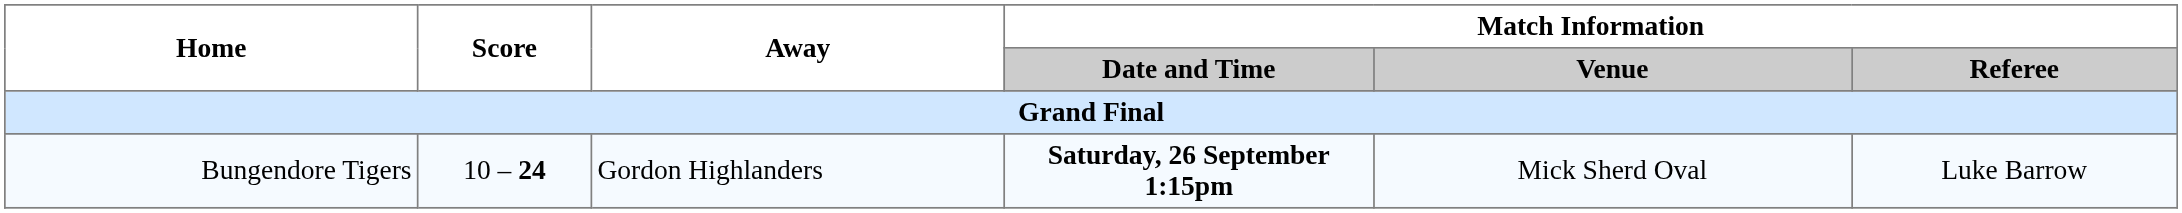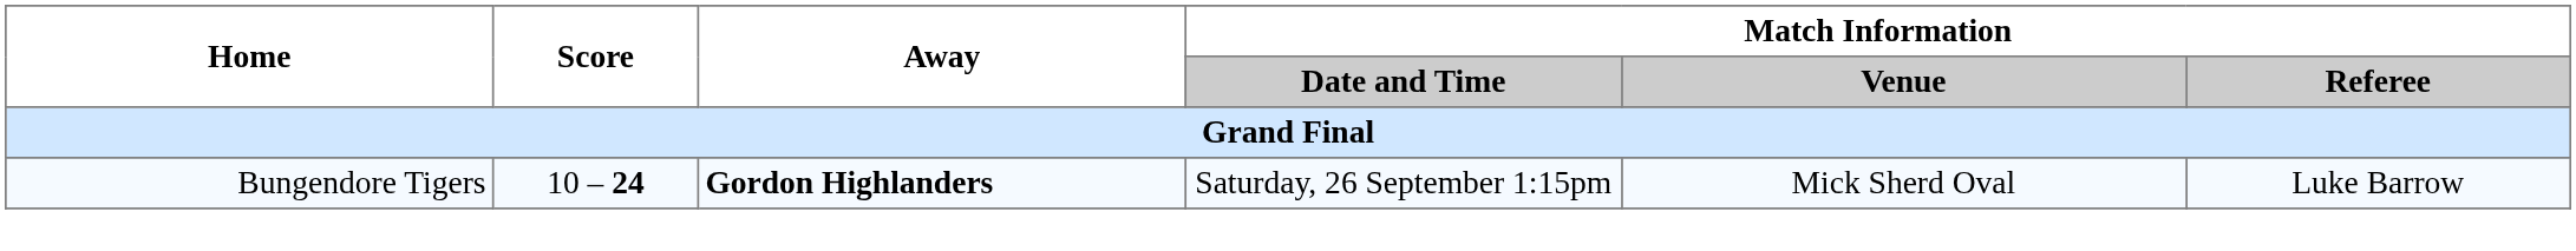 <table width="100%" cellspacing="0" cellpadding="3" border="1" style="border-collapse:collapse;  text-align:center;">
 <tr>
 <th rowspan="2" width="19%">Home</th>
 <th rowspan="2" width="8%">Score</th>
 <th rowspan="2" width="19%">Away</th>
 <th colspan="3">Match Information</th>
 </tr>
 <tr bgcolor="#CCCCCC">
 <th width="17%">Date and Time</th>
 <th width="22%">Venue</th>
 <th width="50%">Referee</th>
 </tr>
 <tr style="background:#d0e7ff;">
 <td colspan="6"><strong>Grand Final</strong></td>
 </tr>
 <tr style="text-align:center; background:#f5faff;">
 <td align="right">Bungendore Tigers </td>
 <td>10 – <strong>24</strong></td>
-<td align="left"> Gordon Highlanders</td>
-<td><strong>Saturday, 26 September 1:15pm</strong></td>
+<td align="left"><strong> Gordon Highlanders</strong></td>
+<td>Saturday, 26 September 1:15pm</td>
 <td>Mick Sherd Oval</td>
 <td>Luke Barrow</td>
 </tr>
 </table>
